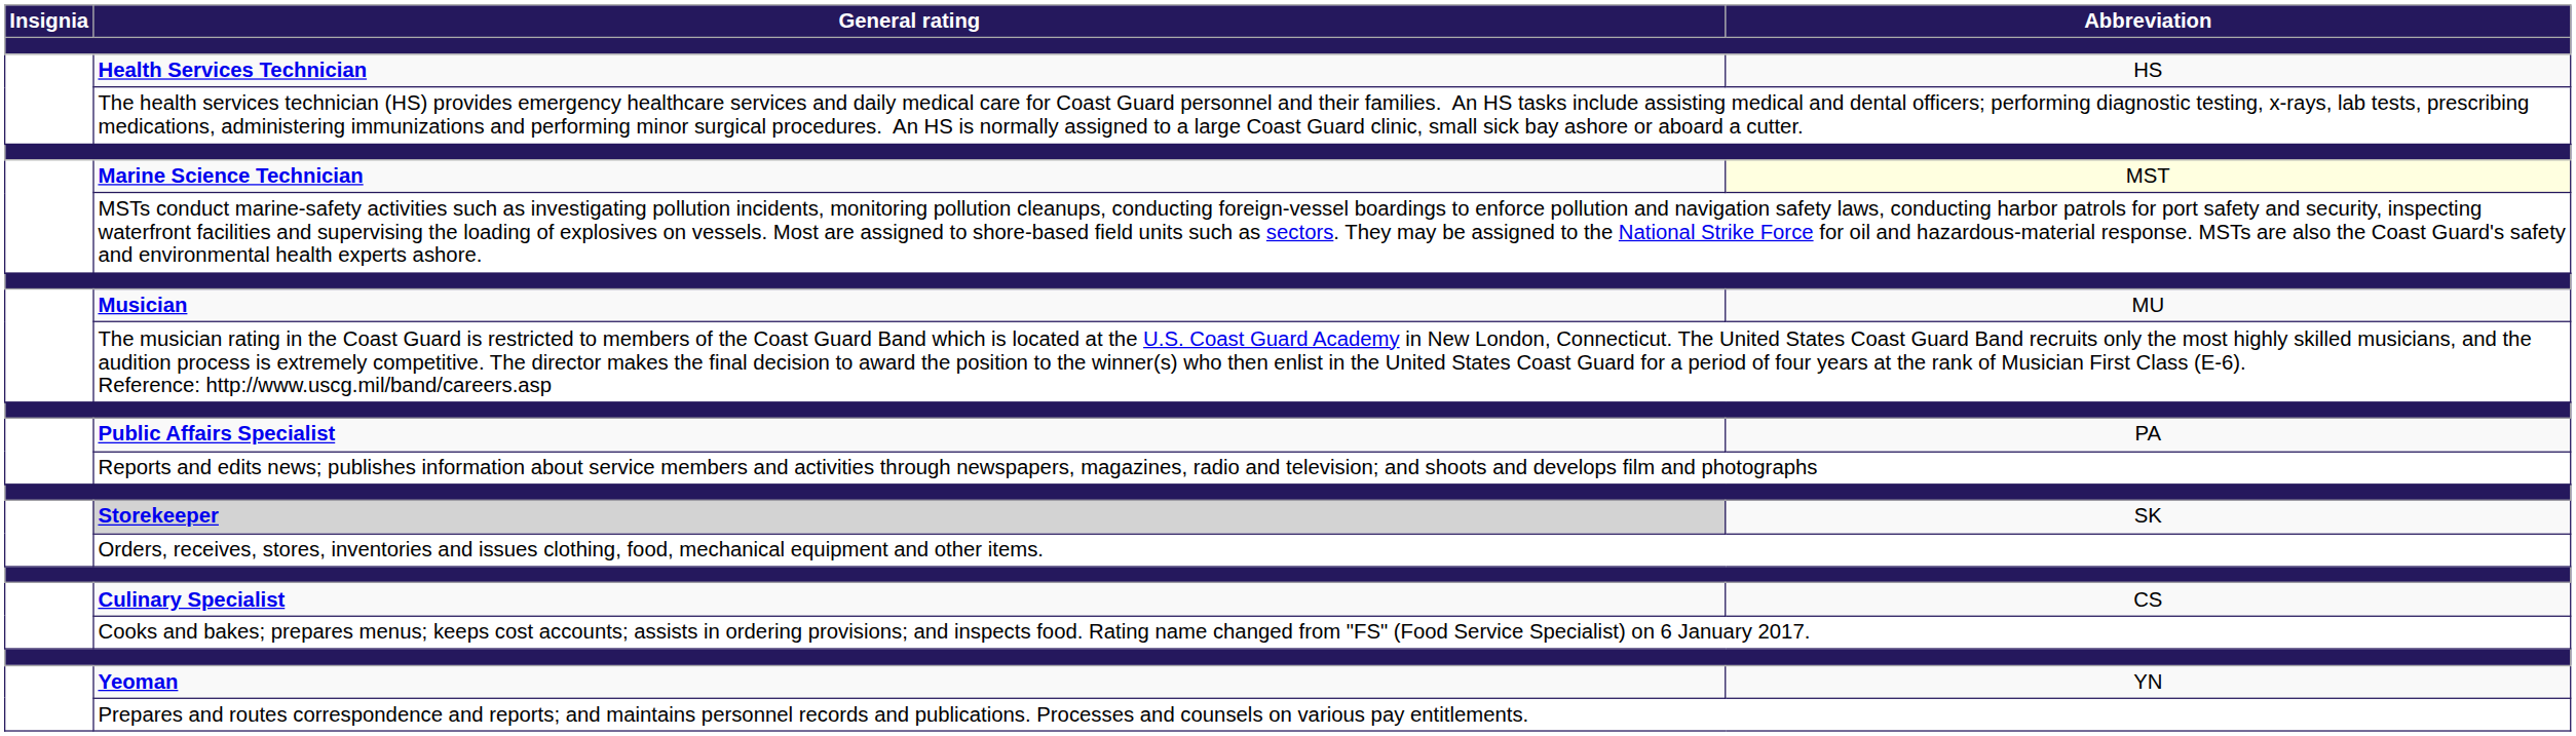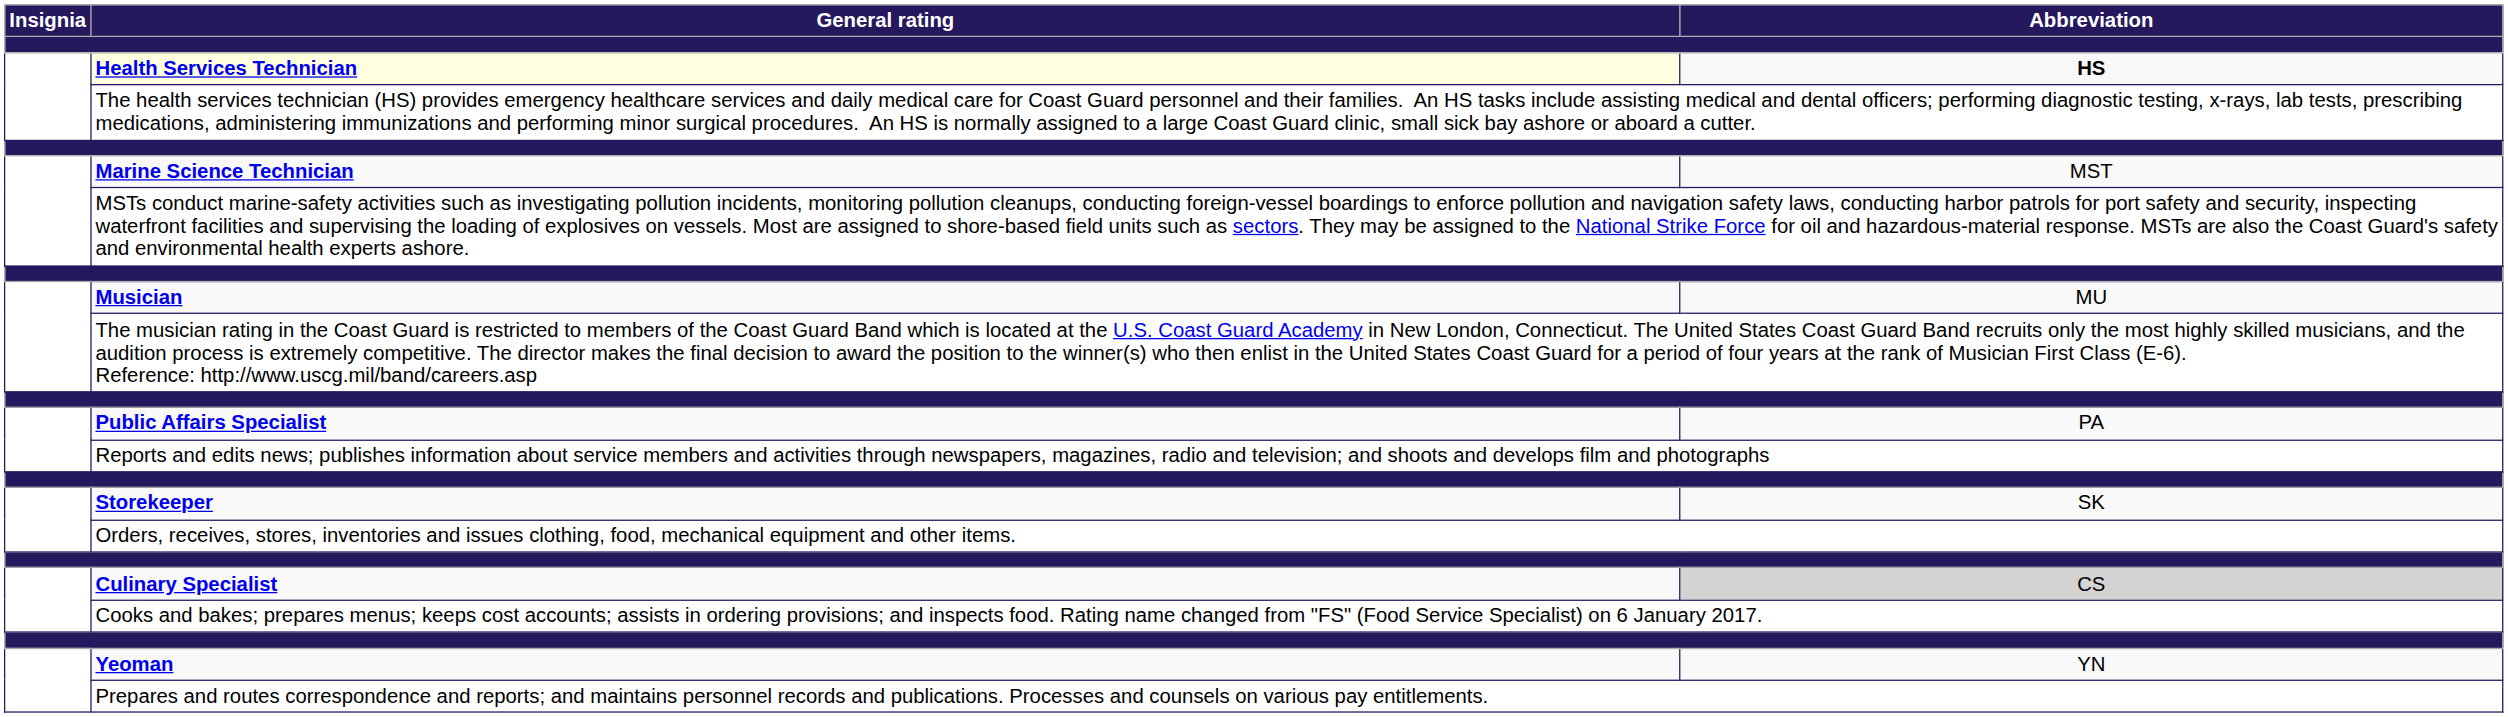 <table class="wikitable" style="border: 1px solid #25185d; ">
 <tr>
 <th style="background-color: #25185d; color: white">Insignia</th>
 <th style="background-color: #25185d; color: white">General rating</th>
 <th style="background-color: #25185d; color: white">Abbreviation</th>
 </tr>
 <tr>
 <td colspan="3" style="background:#25185d;" height=5px></td>
 </tr>
 <tr>
 <td style="border: 1px solid #25185d; background-color: #FFFFFF" rowspan="2"></td>
-<td style="border: 1px solid #25185d;"><strong><a href='#'>Health Services Technician</a></strong></td>
-<td style="border: 1px solid #25185d; text-align: center">HS</td>
+<td style="background: lightyellow; border: 1px solid #25185d;"><strong><a href='#'>Health Services Technician</a></strong></td>
+<td style="border: 1px solid #25185d; text-align: center"><strong>HS</strong></td>
 </tr>
 <tr style="border: 1px solid #25185d; background-color: #FFFFFF" |>
 <td style="border: 1px solid #25185d;" colspan="2" valign="top">The health services technician (HS) provides emergency healthcare services and daily medical care for Coast Guard personnel and their families.  An HS tasks include assisting medical and dental officers; performing diagnostic testing, x-rays, lab tests, prescribing medications, administering immunizations and performing minor surgical procedures.  An HS is normally assigned to a large Coast Guard clinic, small sick bay ashore or aboard a cutter.<br></td>
 </tr>
 <tr>
 <td colspan="3" style="background:#25185d;" height=5px></td>
 </tr>
 <tr>
 <td style="border: 1px solid #25185d; background-color: #FFFFFF" rowspan="2"></td>
 <td style="border: 1px solid #25185d;"><strong><a href='#'>Marine Science Technician</a></strong></td>
-<td style="background: lightyellow; border: 1px solid #25185d; text-align: center">MST</td>
+<td style="border: 1px solid #25185d; text-align: center">MST</td>
 </tr>
 <tr style="border: 1px solid #25185d; background-color: #FFFFFF" |>
 <td style="border: 1px solid #25185d;" colspan="2" valign="top">MSTs conduct marine-safety activities such as investigating pollution incidents, monitoring pollution cleanups, conducting foreign-vessel boardings to enforce pollution and navigation safety laws, conducting harbor patrols for port safety and security, inspecting waterfront facilities and supervising the loading of explosives on vessels. Most are assigned to shore-based field units such as <a href='#'>sectors</a>.  They may be assigned to the <a href='#'>National Strike Force</a> for oil and hazardous-material response. MSTs are also the Coast Guard's safety and environmental health experts ashore.</td>
 </tr>
 <tr>
 <td colspan="3" style="background:#25185d;" height=5px></td>
 </tr>
 <tr>
 <td style="border: 1px solid #25185d; background-color: #FFFFFF" rowspan="2"></td>
 <td style="border: 1px solid #25185d;"><strong><a href='#'>Musician</a></strong></td>
 <td style="border: 1px solid #25185d; text-align: center">MU</td>
 </tr>
 <tr style="border: 1px solid #25185d; background-color: #FFFFFF" |>
 <td style="border: 1px solid #25185d;" colspan="2" valign="top">The musician rating in the Coast Guard is restricted to members of the Coast Guard Band which is located at the <a href='#'>U.S. Coast Guard Academy</a> in New London, Connecticut.  The United States Coast Guard Band recruits only the most highly skilled musicians, and the audition process is extremely competitive. The director makes the final decision to award the position to the winner(s) who then enlist in the United States Coast Guard for a period of four years at the rank of Musician First Class (E-6).<br>Reference:  http://www.uscg.mil/band/careers.asp</td>
 </tr>
 <tr>
 <td colspan="3" style="background:#25185d;" height=5px></td>
 </tr>
 <tr>
 <td style="border: 1px solid #25185d; background-color: #FFFFFF" rowspan="2"></td>
 <td style="border: 1px solid #25185d;"><strong><a href='#'>Public Affairs Specialist</a></strong></td>
 <td style="border: 1px solid #25185d; text-align: center">PA</td>
 </tr>
 <tr style="border: 1px solid #25185d; background-color: #FFFFFF" |>
 <td style="border: 1px solid #25185d;" colspan="2" valign="top">Reports and edits news; publishes information about service members and activities through newspapers, magazines, radio and television; and shoots and develops film and photographs</td>
 </tr>
 <tr>
 <td colspan="3" style="background:#25185d;" height=5px></td>
 </tr>
 <tr>
 <td style="border: 1px solid #25185d; background-color: #FFFFFF" rowspan="2"></td>
-<td style="background: lightgrey; border: 1px solid #25185d;"><strong><a href='#'>Storekeeper</a></strong></td>
+<td style="border: 1px solid #25185d;"><strong><a href='#'>Storekeeper</a></strong></td>
 <td style="border: 1px solid #25185d; text-align: center">SK</td>
 </tr>
 <tr style="border: 1px solid #25185d; background-color: #FFFFFF" |>
 <td style="border: 1px solid #25185d;" colspan="2" valign="top">Orders, receives, stores, inventories and issues clothing, food, mechanical equipment and other items.</td>
 </tr>
 <tr>
 <td colspan="3" style="background:#25185d;" height=5px></td>
 </tr>
 <tr>
 <td style="border: 1px solid #25185d; background-color: #FFFFFF" rowspan="2"></td>
 <td style="border: 1px solid #25185d;"><strong><a href='#'>Culinary Specialist</a></strong></td>
-<td style="border: 1px solid #25185d; text-align: center">CS</td>
+<td style="background: lightgrey; border: 1px solid #25185d; text-align: center">CS</td>
 </tr>
 <tr style="border: 1px solid #25185d; background-color: #FFFFFF" |>
 <td style="border: 1px solid #25185d;" colspan="2" valign="top">Cooks and bakes; prepares menus; keeps cost accounts; assists in ordering provisions; and inspects food. Rating name changed from "FS" (Food Service Specialist) on 6 January 2017.</td>
 </tr>
 <tr>
 <td colspan="3" style="background:#25185d;" height=5px></td>
 </tr>
 <tr>
 <td style="border: 1px solid #25185d; background-color: #FFFFFF" rowspan="2"></td>
 <td style="border: 1px solid #25185d;"><strong><a href='#'>Yeoman</a></strong></td>
 <td style="border: 1px solid #25185d; text-align: center">YN</td>
 </tr>
 <tr style="border: 1px solid #25185d; background-color: #FFFFFF" |>
 <td style="border: 1px solid #25185d;" colspan="2" valign="top">Prepares and routes correspondence and reports; and maintains personnel records and publications. Processes and counsels on various pay entitlements.</td>
 </tr>
 </table>
